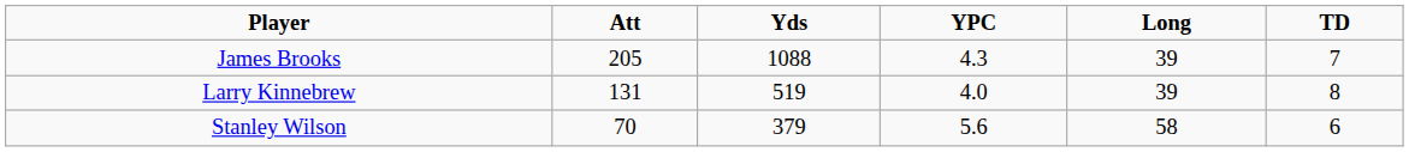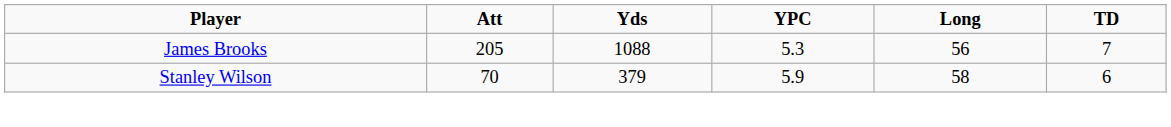 <table class="wikitable" width="80%">
 <tr align="center">
 <td><strong>Player</strong></td>
 <td><strong>Att</strong></td>
 <td><strong>Yds</strong></td>
 <td><strong>YPC</strong></td>
 <td><strong>Long</strong></td>
 <td><strong>TD</strong></td>
 </tr>
 <tr align="center" bgcolor="">
 <td><a href='#'>James Brooks</a></td>
 <td>205</td>
 <td>1088</td>
-<td>4.3</td>
-<td>39</td>
+<td>5.3</td>
+<td>56</td>
 <td>7</td>
-</tr>
-<tr align="center" bgcolor="">
-<td><a href='#'>Larry Kinnebrew</a></td>
-<td>131</td>
-<td>519</td>
-<td>4.0</td>
-<td>39</td>
-<td>8</td>
 </tr>
 <tr align="center" bgcolor="">
 <td><a href='#'>Stanley Wilson</a></td>
 <td>70</td>
 <td>379</td>
-<td>5.6</td>
+<td>5.9</td>
 <td>58</td>
 <td>6</td>
 </tr>
 </table>
